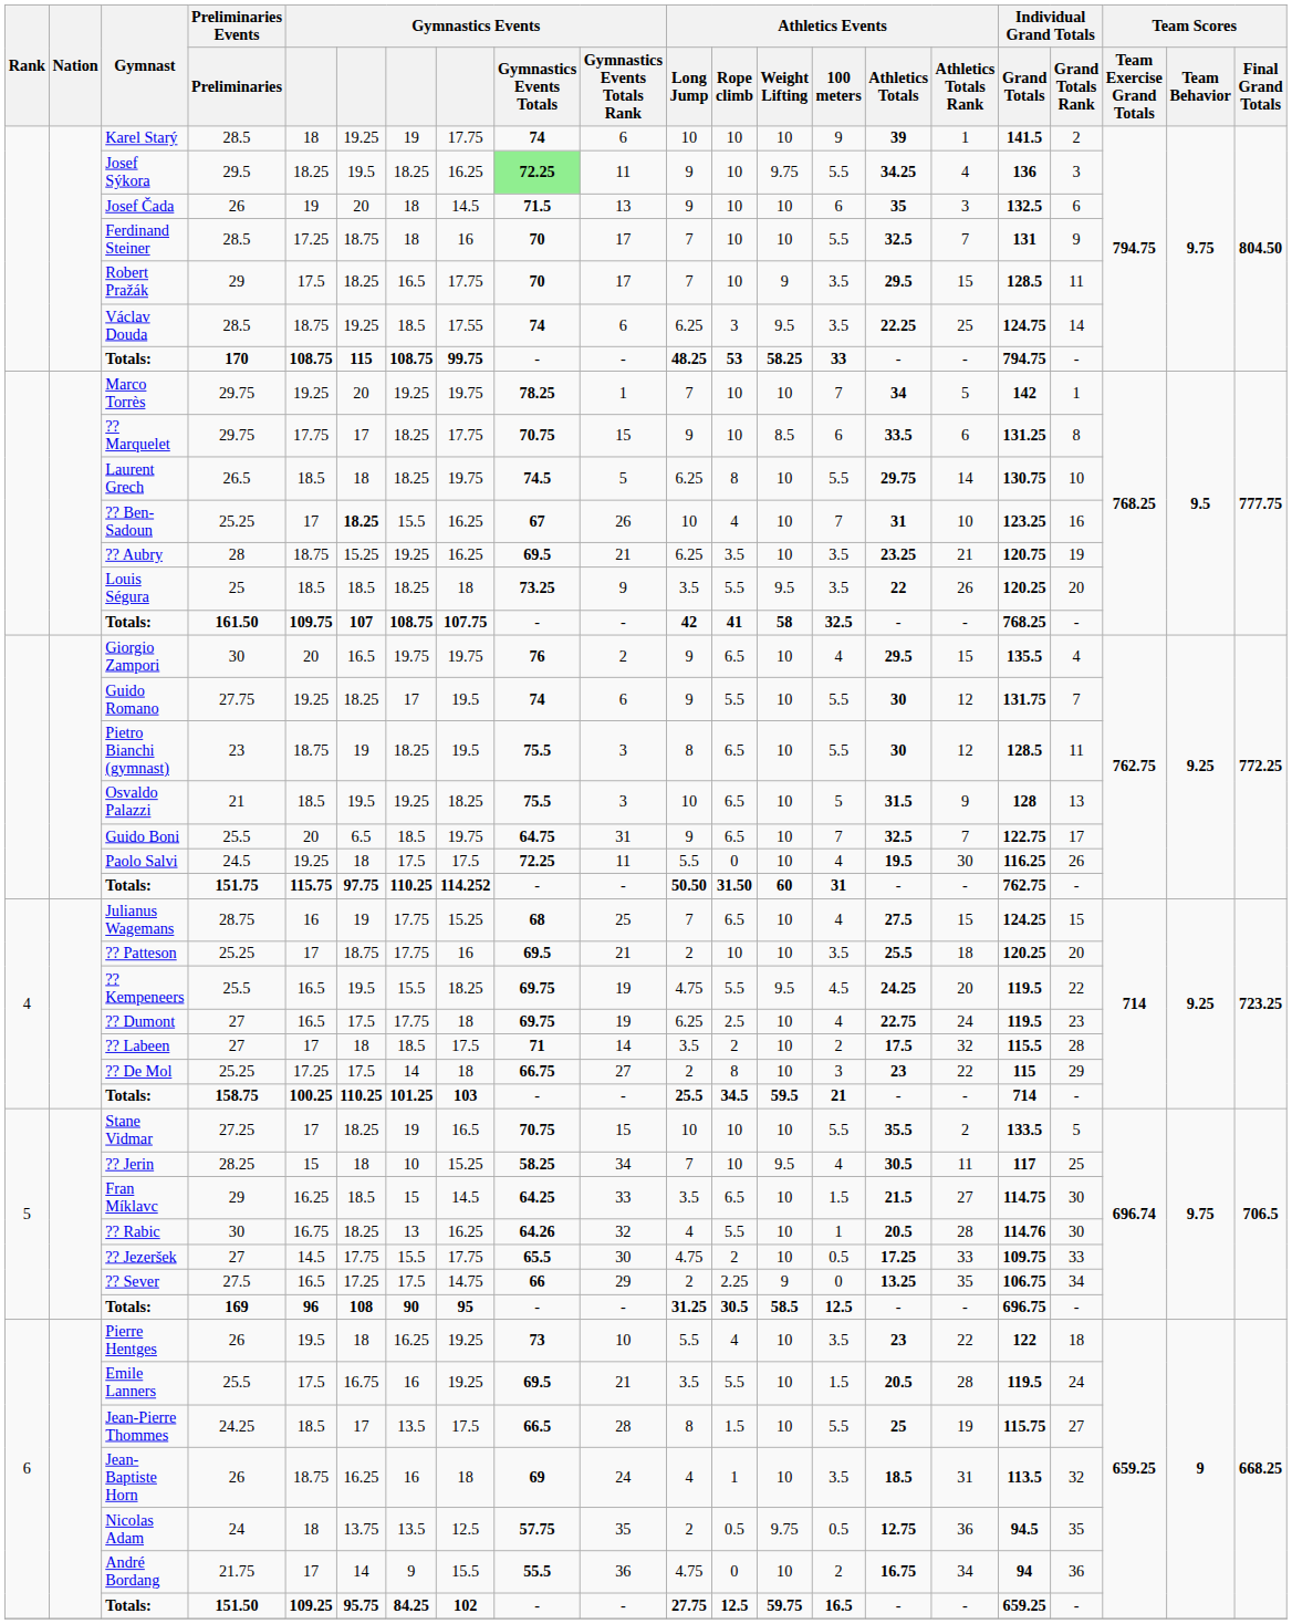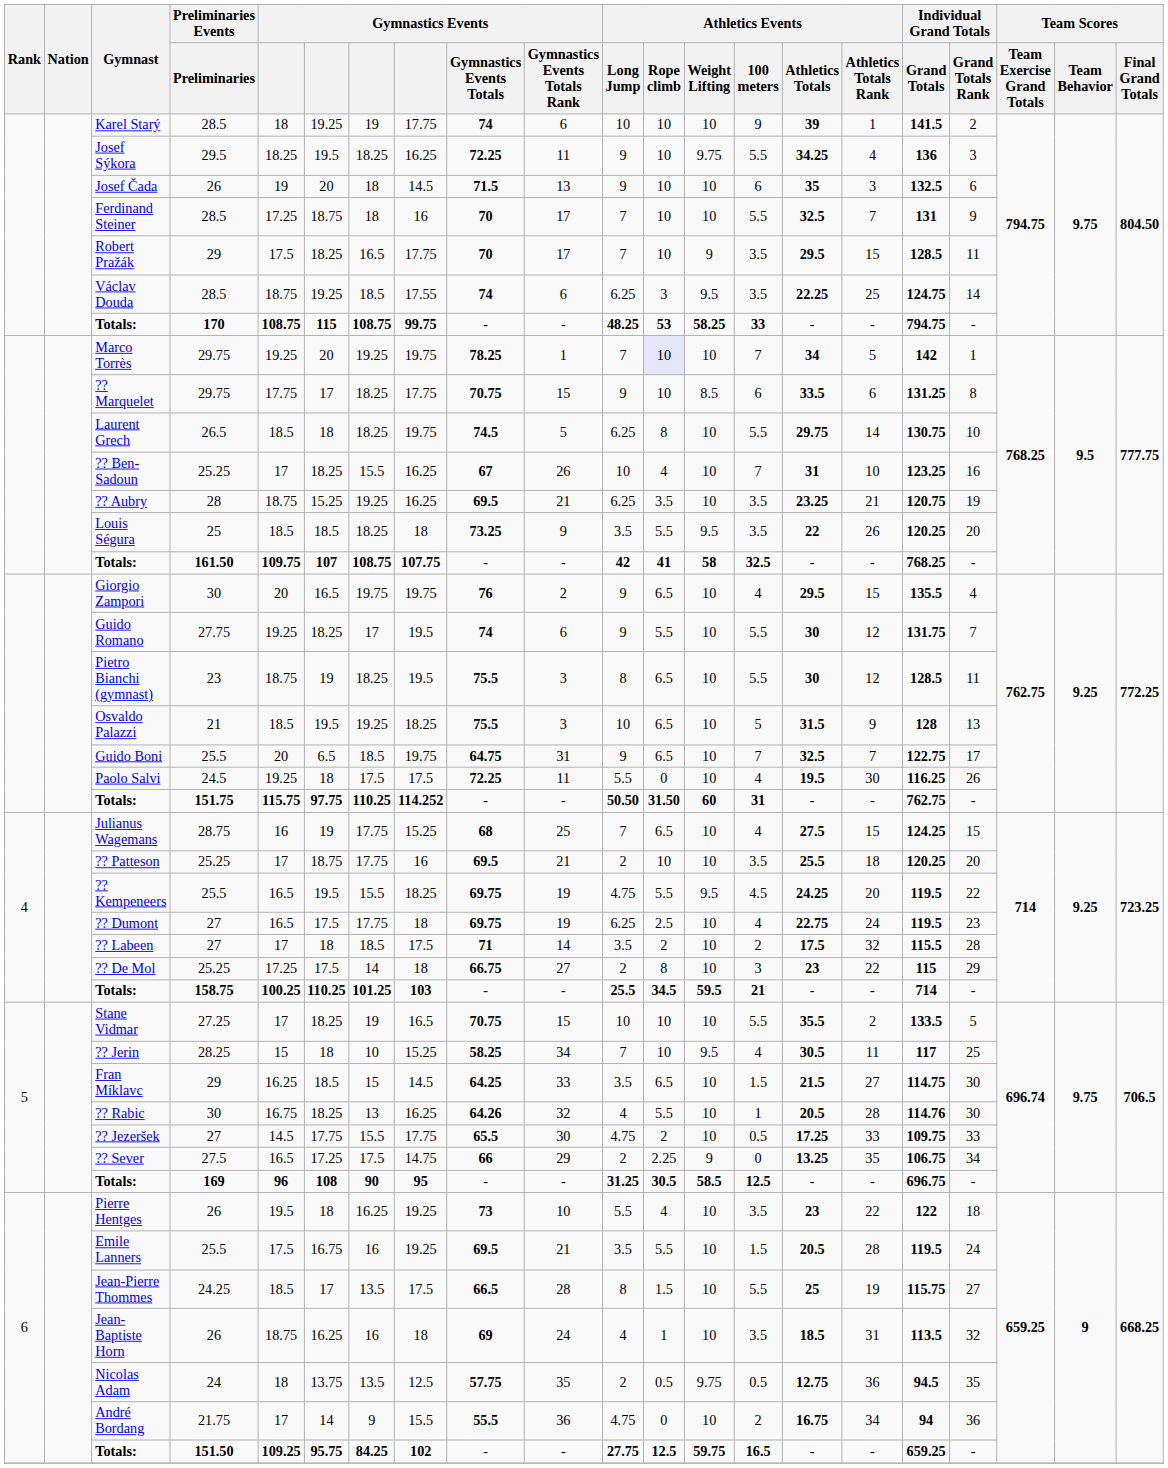 <table class="wikitable sortable" style="text-align:center">
 <tr>
 <th rowspan=2>Rank</th>
 <th rowspan=2>Nation</th>
 <th rowspan=2>Gymnast</th>
 <th colspan=1>Preliminaries Events</th>
 <th colspan=6>Gymnastics Events</th>
 <th colspan=6>Athletics Events</th>
 <th colspan=2>Individual Grand Totals</th>
 <th colspan=3>Team Scores</th>
 </tr>
 <tr>
 <th colspan=1>Preliminaries</th>
 <th colspan=1></th>
 <th colspan=1></th>
 <th colspan=1></th>
 <th colspan=1></th>
 <th colspan=1>Gymnastics Events Totals</th>
 <th colspan=1>Gymnastics Events Totals Rank</th>
 <th colspan=1>Long Jump</th>
 <th colspan=1>Rope climb</th>
 <th colspan=1>Weight Lifting</th>
 <th colspan=1>100 meters</th>
 <th colspan=1>Athletics Totals</th>
 <th colspan=1>Athletics Totals Rank</th>
 <th colspan=1>Grand Totals</th>
 <th colspan=1>Grand Totals Rank</th>
 <th colspan=1>Team Exercise Grand Totals</th>
 <th colspan=1>Team Behavior</th>
 <th colspan=1>Final Grand Totals</th>
 </tr>
 <tr>
 <td rowspan=7></td>
 <td align=left rowspan=7></td>
 <td align=left><a href='#'>Karel Starý</a></td>
 <td>28.5</td>
 <td>18</td>
 <td>19.25</td>
 <td>19</td>
 <td>17.75</td>
 <td><strong>74</strong></td>
 <td>6</td>
 <td>10</td>
 <td>10</td>
 <td>10</td>
 <td>9</td>
 <td><strong>39</strong></td>
 <td>1</td>
 <td><strong>141.5</strong></td>
 <td>2</td>
 <td rowspan=7><strong>794.75</strong></td>
 <td rowspan=7><strong> 9.75</strong></td>
 <td rowspan=7><strong>804.50</strong></td>
 </tr>
 <tr>
 <td align=left><a href='#'>Josef Sýkora</a></td>
 <td>29.5</td>
 <td>18.25</td>
 <td>19.5</td>
 <td>18.25</td>
 <td>16.25</td>
-<td style="background: lightgreen;"><strong>72.25</strong></td>
+<td><strong>72.25</strong></td>
 <td>11</td>
 <td>9</td>
 <td>10</td>
 <td>9.75</td>
 <td>5.5</td>
 <td><strong>34.25</strong></td>
 <td>4</td>
 <td><strong>136</strong></td>
 <td>3</td>
 </tr>
 <tr>
 <td align=left><a href='#'>Josef Čada</a></td>
 <td>26</td>
 <td>19</td>
 <td>20</td>
 <td>18</td>
 <td>14.5</td>
 <td><strong>71.5</strong></td>
 <td>13</td>
 <td>9</td>
 <td>10</td>
 <td>10</td>
 <td>6</td>
 <td><strong>35</strong></td>
 <td>3</td>
 <td><strong>132.5</strong></td>
 <td>6</td>
 </tr>
 <tr>
 <td align=left><a href='#'>Ferdinand Steiner</a></td>
 <td>28.5</td>
 <td>17.25</td>
 <td>18.75</td>
 <td>18</td>
 <td>16</td>
 <td><strong>70</strong></td>
 <td>17</td>
 <td>7</td>
 <td>10</td>
 <td>10</td>
 <td>5.5</td>
 <td><strong>32.5</strong></td>
 <td>7</td>
 <td><strong>131</strong></td>
 <td>9</td>
 </tr>
 <tr>
 <td align=left><a href='#'>Robert Pražák</a></td>
 <td>29</td>
 <td>17.5</td>
 <td>18.25</td>
 <td>16.5</td>
 <td>17.75</td>
 <td><strong>70</strong></td>
 <td>17</td>
 <td>7</td>
 <td>10</td>
 <td>9</td>
 <td>3.5</td>
 <td><strong>29.5</strong></td>
 <td>15</td>
 <td><strong>128.5</strong></td>
 <td>11</td>
 </tr>
 <tr>
 <td align=left><a href='#'>Václav Douda</a></td>
 <td>28.5</td>
 <td>18.75</td>
 <td>19.25</td>
 <td>18.5</td>
 <td>17.55</td>
 <td><strong>74</strong></td>
 <td>6</td>
 <td>6.25</td>
 <td>3</td>
 <td>9.5</td>
 <td>3.5</td>
 <td><strong>22.25</strong></td>
 <td>25</td>
 <td><strong>124.75</strong></td>
 <td>14</td>
 </tr>
 <tr>
 <td align=left><strong> Totals: </strong></td>
 <td><strong>170</strong></td>
 <td><strong>108.75</strong></td>
 <td><strong>115</strong></td>
 <td><strong>108.75</strong></td>
 <td><strong>99.75</strong></td>
 <td>-</td>
 <td>-</td>
 <td><strong>48.25</strong></td>
 <td><strong>53</strong></td>
 <td><strong>58.25</strong></td>
 <td><strong>33</strong></td>
 <td>-</td>
 <td>-</td>
 <td><strong>794.75</strong></td>
 <td>-</td>
 </tr>
 <tr>
 <td rowspan=7></td>
 <td align=left rowspan=7></td>
 <td align=left><a href='#'>Marco Torrès</a></td>
 <td>29.75</td>
 <td>19.25</td>
 <td>20</td>
 <td>19.25</td>
 <td>19.75</td>
 <td><strong>78.25</strong></td>
 <td>1</td>
 <td>7</td>
-<td>10</td>
+<td style="background: lavender;">10</td>
 <td>10</td>
 <td>7</td>
 <td><strong>34</strong></td>
 <td>5</td>
 <td><strong>142</strong></td>
 <td>1</td>
 <td rowspan=7><strong>768.25</strong></td>
 <td rowspan=7><strong> 9.5</strong></td>
 <td rowspan=7><strong>777.75</strong></td>
 </tr>
 <tr>
 <td align=left><a href='#'>?? Marquelet</a></td>
 <td>29.75</td>
 <td>17.75</td>
 <td>17</td>
 <td>18.25</td>
 <td>17.75</td>
 <td><strong>70.75</strong></td>
 <td>15</td>
 <td>9</td>
 <td>10</td>
 <td>8.5</td>
 <td>6</td>
 <td><strong>33.5</strong></td>
 <td>6</td>
 <td><strong>131.25</strong></td>
 <td>8</td>
 </tr>
 <tr>
 <td align=left><a href='#'>Laurent Grech</a></td>
 <td>26.5</td>
 <td>18.5</td>
 <td>18</td>
 <td>18.25</td>
 <td>19.75</td>
 <td><strong>74.5</strong></td>
 <td>5</td>
 <td>6.25</td>
 <td>8</td>
 <td>10</td>
 <td>5.5</td>
 <td><strong>29.75</strong></td>
 <td>14</td>
 <td><strong>130.75</strong></td>
 <td>10</td>
 </tr>
 <tr>
 <td align=left><a href='#'>?? Ben-Sadoun</a></td>
 <td>25.25</td>
 <td>17</td>
-<td><strong>18.25</strong></td>
+<td>18.25</td>
 <td>15.5</td>
 <td>16.25</td>
 <td><strong>67</strong></td>
 <td>26</td>
 <td>10</td>
 <td>4</td>
 <td>10</td>
 <td>7</td>
 <td><strong>31</strong></td>
 <td>10</td>
 <td><strong>123.25</strong></td>
 <td>16</td>
 </tr>
 <tr>
 <td align=left><a href='#'>?? Aubry</a></td>
 <td>28</td>
 <td>18.75</td>
 <td>15.25</td>
 <td>19.25</td>
 <td>16.25</td>
 <td><strong>69.5</strong></td>
 <td>21</td>
 <td>6.25</td>
 <td>3.5</td>
 <td>10</td>
 <td>3.5</td>
 <td><strong>23.25</strong></td>
 <td>21</td>
 <td><strong>120.75</strong></td>
 <td>19</td>
 </tr>
 <tr>
 <td align=left><a href='#'>Louis Ségura</a></td>
 <td>25</td>
 <td>18.5</td>
 <td>18.5</td>
 <td>18.25</td>
 <td>18</td>
 <td><strong>73.25</strong></td>
 <td>9</td>
 <td>3.5</td>
 <td>5.5</td>
 <td>9.5</td>
 <td>3.5</td>
 <td><strong>22</strong></td>
 <td>26</td>
 <td><strong>120.25</strong></td>
 <td>20</td>
 </tr>
 <tr>
 <td align=left><strong> Totals: </strong></td>
 <td><strong>161.50</strong></td>
 <td><strong>109.75</strong></td>
 <td><strong>107</strong></td>
 <td><strong>108.75</strong></td>
 <td><strong>107.75</strong></td>
 <td>-</td>
 <td>-</td>
 <td><strong>42</strong></td>
 <td><strong>41</strong></td>
 <td><strong>58</strong></td>
 <td><strong>32.5</strong></td>
 <td>-</td>
 <td>-</td>
 <td><strong>768.25</strong></td>
 <td>-</td>
 </tr>
 <tr>
 <td rowspan=7></td>
 <td align=left rowspan=7></td>
 <td align=left><a href='#'>Giorgio Zampori</a></td>
 <td>30</td>
 <td>20</td>
 <td>16.5</td>
 <td>19.75</td>
 <td>19.75</td>
 <td><strong>76</strong></td>
 <td>2</td>
 <td>9</td>
 <td>6.5</td>
 <td>10</td>
 <td>4</td>
 <td><strong>29.5</strong></td>
 <td>15</td>
 <td><strong>135.5</strong></td>
 <td>4</td>
 <td rowspan=7><strong>762.75</strong></td>
 <td rowspan=7><strong> 9.25</strong></td>
 <td rowspan=7><strong>772.25</strong></td>
 </tr>
 <tr>
 <td align=left><a href='#'>Guido Romano</a></td>
 <td>27.75</td>
 <td>19.25</td>
 <td>18.25</td>
 <td>17</td>
 <td>19.5</td>
 <td><strong>74</strong></td>
 <td>6</td>
 <td>9</td>
 <td>5.5</td>
 <td>10</td>
 <td>5.5</td>
 <td><strong>30</strong></td>
 <td>12</td>
 <td><strong>131.75</strong></td>
 <td>7</td>
 </tr>
 <tr>
 <td align=left><a href='#'>Pietro Bianchi (gymnast)</a></td>
 <td>23</td>
 <td>18.75</td>
 <td>19</td>
 <td>18.25</td>
 <td>19.5</td>
 <td><strong>75.5</strong></td>
 <td>3</td>
 <td>8</td>
 <td>6.5</td>
 <td>10</td>
 <td>5.5</td>
 <td><strong>30</strong></td>
 <td>12</td>
 <td><strong>128.5</strong></td>
 <td>11</td>
 </tr>
 <tr>
 <td align=left><a href='#'>Osvaldo Palazzi</a></td>
 <td>21</td>
 <td>18.5</td>
 <td>19.5</td>
 <td>19.25</td>
 <td>18.25</td>
 <td><strong>75.5</strong></td>
 <td>3</td>
 <td>10</td>
 <td>6.5</td>
 <td>10</td>
 <td>5</td>
 <td><strong>31.5</strong></td>
 <td>9</td>
 <td><strong>128</strong></td>
 <td>13</td>
 </tr>
 <tr>
 <td align=left><a href='#'>Guido Boni</a></td>
 <td>25.5</td>
 <td>20</td>
 <td>6.5</td>
 <td>18.5</td>
 <td>19.75</td>
 <td><strong>64.75</strong></td>
 <td>31</td>
 <td>9</td>
 <td>6.5</td>
 <td>10</td>
 <td>7</td>
 <td><strong>32.5</strong></td>
 <td>7</td>
 <td><strong>122.75</strong></td>
 <td>17</td>
 </tr>
 <tr>
 <td align=left><a href='#'>Paolo Salvi</a></td>
 <td>24.5</td>
 <td>19.25</td>
 <td>18</td>
 <td>17.5</td>
 <td>17.5</td>
 <td><strong>72.25</strong></td>
 <td>11</td>
 <td>5.5</td>
 <td>0</td>
 <td>10</td>
 <td>4</td>
 <td><strong>19.5</strong></td>
 <td>30</td>
 <td><strong>116.25</strong></td>
 <td>26</td>
 </tr>
 <tr>
 <td align=left><strong> Totals: </strong></td>
 <td><strong>151.75</strong></td>
 <td><strong>115.75</strong></td>
 <td><strong>97.75</strong></td>
 <td><strong>110.25</strong></td>
 <td><strong>114.252</strong></td>
 <td>-</td>
 <td>-</td>
 <td><strong>50.50</strong></td>
 <td><strong>31.50</strong></td>
 <td><strong>60</strong></td>
 <td><strong>31</strong></td>
 <td>-</td>
 <td>-</td>
 <td><strong>762.75</strong></td>
 <td>-</td>
 </tr>
 <tr>
 <td rowspan=7>4</td>
 <td align=left rowspan=7></td>
 <td align=left><a href='#'>Julianus Wagemans</a></td>
 <td>28.75</td>
 <td>16</td>
 <td>19</td>
 <td>17.75</td>
 <td>15.25</td>
 <td><strong>68</strong></td>
 <td>25</td>
 <td>7</td>
 <td>6.5</td>
 <td>10</td>
 <td>4</td>
 <td><strong>27.5</strong></td>
 <td>15</td>
 <td><strong>124.25</strong></td>
 <td>15</td>
 <td rowspan=7><strong>714</strong></td>
 <td rowspan=7><strong> 9.25</strong></td>
 <td rowspan=7><strong>723.25</strong></td>
 </tr>
 <tr>
 <td align=left><a href='#'>?? Patteson</a></td>
 <td>25.25</td>
 <td>17</td>
 <td>18.75</td>
 <td>17.75</td>
 <td>16</td>
 <td><strong>69.5</strong></td>
 <td>21</td>
 <td>2</td>
 <td>10</td>
 <td>10</td>
 <td>3.5</td>
 <td><strong>25.5</strong></td>
 <td>18</td>
 <td><strong>120.25</strong></td>
 <td>20</td>
 </tr>
 <tr>
 <td align=left><a href='#'>?? Kempeneers</a></td>
 <td>25.5</td>
 <td>16.5</td>
 <td>19.5</td>
 <td>15.5</td>
 <td>18.25</td>
 <td><strong>69.75</strong></td>
 <td>19</td>
 <td>4.75</td>
 <td>5.5</td>
 <td>9.5</td>
 <td>4.5</td>
 <td><strong>24.25</strong></td>
 <td>20</td>
 <td><strong>119.5</strong></td>
 <td>22</td>
 </tr>
 <tr>
 <td align=left><a href='#'>?? Dumont</a></td>
 <td>27</td>
 <td>16.5</td>
 <td>17.5</td>
 <td>17.75</td>
 <td>18</td>
 <td><strong>69.75</strong></td>
 <td>19</td>
 <td>6.25</td>
 <td>2.5</td>
 <td>10</td>
 <td>4</td>
 <td><strong>22.75</strong></td>
 <td>24</td>
 <td><strong>119.5</strong></td>
 <td>23</td>
 </tr>
 <tr>
 <td align=left><a href='#'>?? Labeen</a></td>
 <td>27</td>
 <td>17</td>
 <td>18</td>
 <td>18.5</td>
 <td>17.5</td>
 <td><strong>71</strong></td>
 <td>14</td>
 <td>3.5</td>
 <td>2</td>
 <td>10</td>
 <td>2</td>
 <td><strong>17.5</strong></td>
 <td>32</td>
 <td><strong>115.5</strong></td>
 <td>28</td>
 </tr>
 <tr>
 <td align=left><a href='#'>?? De Mol</a></td>
 <td>25.25</td>
 <td>17.25</td>
 <td>17.5</td>
 <td>14</td>
 <td>18</td>
 <td><strong>66.75</strong></td>
 <td>27</td>
 <td>2</td>
 <td>8</td>
 <td>10</td>
 <td>3</td>
 <td><strong>23</strong></td>
 <td>22</td>
 <td><strong>115</strong></td>
 <td>29</td>
 </tr>
 <tr>
 <td align=left><strong> Totals: </strong></td>
 <td><strong>158.75</strong></td>
 <td><strong>100.25</strong></td>
 <td><strong>110.25</strong></td>
 <td><strong>101.25</strong></td>
 <td><strong>103</strong></td>
 <td>-</td>
 <td>-</td>
 <td><strong>25.5</strong></td>
 <td><strong>34.5</strong></td>
 <td><strong>59.5</strong></td>
 <td><strong>21</strong></td>
 <td>-</td>
 <td>-</td>
 <td><strong>714</strong></td>
 <td>-</td>
 </tr>
 <tr>
 <td rowspan=7>5</td>
 <td align=left rowspan=7></td>
 <td align=left><a href='#'>Stane Vidmar</a></td>
 <td>27.25</td>
 <td>17</td>
 <td>18.25</td>
 <td>19</td>
 <td>16.5</td>
 <td><strong>70.75</strong></td>
 <td>15</td>
 <td>10</td>
 <td>10</td>
 <td>10</td>
 <td>5.5</td>
 <td><strong>35.5</strong></td>
 <td>2</td>
 <td><strong>133.5</strong></td>
 <td>5</td>
 <td rowspan=7><strong>696.74</strong></td>
 <td rowspan=7><strong> 9.75</strong></td>
 <td rowspan=7><strong>706.5</strong></td>
 </tr>
 <tr>
 <td align=left><a href='#'>?? Jerin</a></td>
 <td>28.25</td>
 <td>15</td>
 <td>18</td>
 <td>10</td>
 <td>15.25</td>
 <td><strong>58.25</strong></td>
 <td>34</td>
 <td>7</td>
 <td>10</td>
 <td>9.5</td>
 <td>4</td>
 <td><strong>30.5</strong></td>
 <td>11</td>
 <td><strong>117</strong></td>
 <td>25</td>
 </tr>
 <tr>
 <td align=left><a href='#'>Fran Míklavc</a></td>
 <td>29</td>
 <td>16.25</td>
 <td>18.5</td>
 <td>15</td>
 <td>14.5</td>
 <td><strong>64.25</strong></td>
 <td>33</td>
 <td>3.5</td>
 <td>6.5</td>
 <td>10</td>
 <td>1.5</td>
 <td><strong>21.5</strong></td>
 <td>27</td>
 <td><strong>114.75</strong></td>
 <td>30</td>
 </tr>
 <tr>
 <td align=left><a href='#'>?? Rabic</a></td>
 <td>30</td>
 <td>16.75</td>
 <td>18.25</td>
 <td>13</td>
 <td>16.25</td>
 <td><strong>64.26</strong></td>
 <td>32</td>
 <td>4</td>
 <td>5.5</td>
 <td>10</td>
 <td>1</td>
 <td><strong>20.5</strong></td>
 <td>28</td>
 <td><strong>114.76</strong></td>
 <td>30</td>
 </tr>
 <tr>
 <td align=left><a href='#'>?? Jezeršek</a></td>
 <td>27</td>
 <td>14.5</td>
 <td>17.75</td>
 <td>15.5</td>
 <td>17.75</td>
 <td><strong>65.5</strong></td>
 <td>30</td>
 <td>4.75</td>
 <td>2</td>
 <td>10</td>
 <td>0.5</td>
 <td><strong>17.25</strong></td>
 <td>33</td>
 <td><strong>109.75</strong></td>
 <td>33</td>
 </tr>
 <tr>
 <td align=left><a href='#'>?? Sever</a></td>
 <td>27.5</td>
 <td>16.5</td>
 <td>17.25</td>
 <td>17.5</td>
 <td>14.75</td>
 <td><strong>66</strong></td>
 <td>29</td>
 <td>2</td>
 <td>2.25</td>
 <td>9</td>
 <td>0</td>
 <td><strong>13.25</strong></td>
 <td>35</td>
 <td><strong>106.75</strong></td>
 <td>34</td>
 </tr>
 <tr>
 <td align=left><strong> Totals: </strong></td>
 <td><strong>169</strong></td>
 <td><strong>96</strong></td>
 <td><strong>108</strong></td>
 <td><strong>90</strong></td>
 <td><strong>95</strong></td>
 <td>-</td>
 <td>-</td>
 <td><strong>31.25</strong></td>
 <td><strong>30.5</strong></td>
 <td><strong>58.5</strong></td>
 <td><strong>12.5</strong></td>
 <td>-</td>
 <td>-</td>
 <td><strong>696.75</strong></td>
 <td>-</td>
 </tr>
 <tr>
 <td rowspan=7>6</td>
 <td align=left rowspan=7></td>
 <td align=left><a href='#'>Pierre Hentges</a></td>
 <td>26</td>
 <td>19.5</td>
 <td>18</td>
 <td>16.25</td>
 <td>19.25</td>
 <td><strong>73</strong></td>
 <td>10</td>
 <td>5.5</td>
 <td>4</td>
 <td>10</td>
 <td>3.5</td>
 <td><strong>23</strong></td>
 <td>22</td>
 <td><strong>122</strong></td>
 <td>18</td>
 <td rowspan=7><strong>659.25</strong></td>
 <td rowspan=7><strong> 9</strong></td>
 <td rowspan=7><strong>668.25</strong></td>
 </tr>
 <tr>
 <td align=left><a href='#'>Emile Lanners</a></td>
 <td>25.5</td>
 <td>17.5</td>
 <td>16.75</td>
 <td>16</td>
 <td>19.25</td>
 <td><strong>69.5</strong></td>
 <td>21</td>
 <td>3.5</td>
 <td>5.5</td>
 <td>10</td>
 <td>1.5</td>
 <td><strong>20.5</strong></td>
 <td>28</td>
 <td><strong>119.5</strong></td>
 <td>24</td>
 </tr>
 <tr>
 <td align=left><a href='#'>Jean-Pierre Thommes</a></td>
 <td>24.25</td>
 <td>18.5</td>
 <td>17</td>
 <td>13.5</td>
 <td>17.5</td>
 <td><strong>66.5</strong></td>
 <td>28</td>
 <td>8</td>
 <td>1.5</td>
 <td>10</td>
 <td>5.5</td>
 <td><strong>25</strong></td>
 <td>19</td>
 <td><strong>115.75</strong></td>
 <td>27</td>
 </tr>
 <tr>
 <td align=left><a href='#'>Jean-Baptiste Horn</a></td>
 <td>26</td>
 <td>18.75</td>
 <td>16.25</td>
 <td>16</td>
 <td>18</td>
 <td><strong>69</strong></td>
 <td>24</td>
 <td>4</td>
 <td>1</td>
 <td>10</td>
 <td>3.5</td>
 <td><strong>18.5</strong></td>
 <td>31</td>
 <td><strong>113.5</strong></td>
 <td>32</td>
 </tr>
 <tr>
 <td align=left><a href='#'>Nicolas Adam</a></td>
 <td>24</td>
 <td>18</td>
 <td>13.75</td>
 <td>13.5</td>
 <td>12.5</td>
 <td><strong>57.75</strong></td>
 <td>35</td>
 <td>2</td>
 <td>0.5</td>
 <td>9.75</td>
 <td>0.5</td>
 <td><strong>12.75</strong></td>
 <td>36</td>
 <td><strong>94.5</strong></td>
 <td>35</td>
 </tr>
 <tr>
 <td align=left><a href='#'>André Bordang</a></td>
 <td>21.75</td>
 <td>17</td>
 <td>14</td>
 <td>9</td>
 <td>15.5</td>
 <td><strong>55.5</strong></td>
 <td>36</td>
 <td>4.75</td>
 <td>0</td>
 <td>10</td>
 <td>2</td>
 <td><strong>16.75</strong></td>
 <td>34</td>
 <td><strong>94</strong></td>
 <td>36</td>
 </tr>
 <tr>
 <td align=left><strong> Totals: </strong></td>
 <td><strong>151.50</strong></td>
 <td><strong>109.25</strong></td>
 <td><strong>95.75</strong></td>
 <td><strong>84.25</strong></td>
 <td><strong>102</strong></td>
 <td>-</td>
 <td>-</td>
 <td><strong>27.75</strong></td>
 <td><strong>12.5</strong></td>
 <td><strong>59.75</strong></td>
 <td><strong>16.5</strong></td>
 <td>-</td>
 <td>-</td>
 <td><strong>659.25</strong></td>
 <td>-</td>
 </tr>
 <tr>
 </tr>
 </table>
